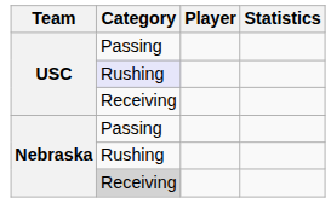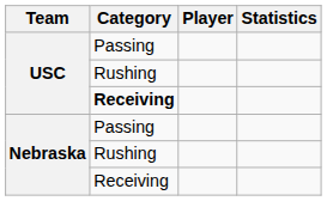 <table class="wikitable" style="float:right">
 <tr>
 <th>Team</th>
 <th>Category</th>
 <th>Player</th>
 <th>Statistics</th>
 </tr>
 <tr>
 <th rowspan=3>USC</th>
 <td>Passing</td>
 <td></td>
 <td></td>
 </tr>
 <tr>
-<td style="background: lavender;">Rushing</td>
+<td>Rushing</td>
 <td></td>
 <td></td>
 </tr>
 <tr>
-<td>Receiving</td>
+<td><strong>Receiving</strong></td>
 <td></td>
 <td></td>
 </tr>
 <tr>
 <th rowspan=3>Nebraska</th>
 <td>Passing</td>
 <td></td>
 <td></td>
 </tr>
 <tr>
 <td>Rushing</td>
 <td></td>
 <td></td>
 </tr>
 <tr>
-<td style="background: lightgrey;">Receiving</td>
+<td>Receiving</td>
 <td></td>
 <td></td>
 </tr>
 </table>
